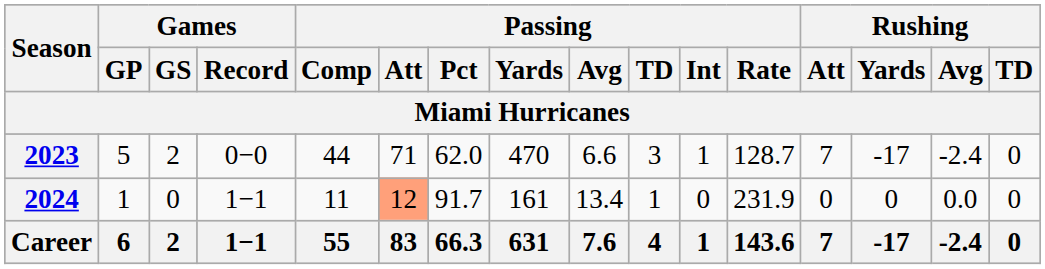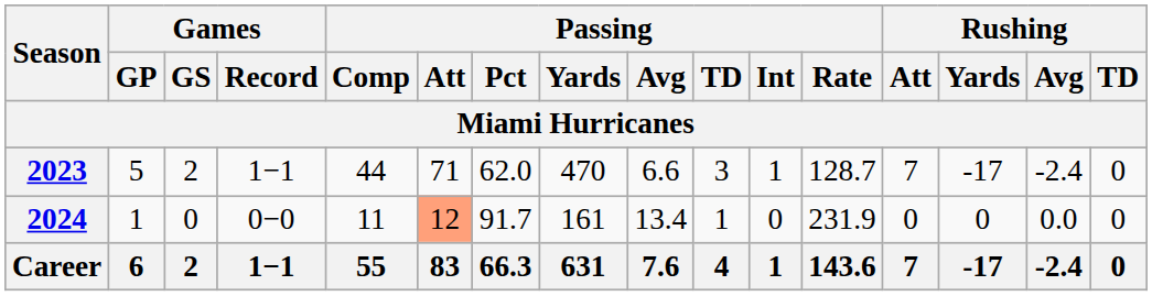 <table class="wikitable" style="text-align:center;">
 <tr>
 <th rowspan="2">Season</th>
 <th colspan="3">Games</th>
 <th colspan="8">Passing</th>
 <th colspan="5">Rushing</th>
 </tr>
 <tr>
 <th>GP</th>
 <th>GS</th>
 <th>Record</th>
 <th>Comp</th>
 <th>Att</th>
 <th>Pct</th>
 <th>Yards</th>
 <th>Avg</th>
 <th>TD</th>
 <th>Int</th>
 <th>Rate</th>
 <th>Att</th>
 <th>Yards</th>
 <th>Avg</th>
 <th>TD</th>
 </tr>
 <tr>
 <th colspan="16">Miami Hurricanes</th>
 </tr>
 <tr>
 <th><a href='#'>2023</a></th>
 <td>5</td>
 <td>2</td>
-<td>0−0</td>
+<td>1−1</td>
 <td>44</td>
 <td>71</td>
 <td>62.0</td>
 <td>470</td>
 <td>6.6</td>
 <td>3</td>
 <td>1</td>
 <td>128.7</td>
 <td>7</td>
 <td>-17</td>
 <td>-2.4</td>
 <td>0</td>
 </tr>
 <tr>
 <th><a href='#'>2024</a></th>
 <td>1</td>
 <td>0</td>
-<td>1−1</td>
+<td>0−0</td>
 <td>11</td>
 <td style="background: lightsalmon;">12</td>
 <td>91.7</td>
 <td>161</td>
 <td>13.4</td>
 <td>1</td>
 <td>0</td>
 <td>231.9</td>
 <td>0</td>
 <td>0</td>
 <td>0.0</td>
 <td>0</td>
 </tr>
 <tr>
 <th>Career</th>
 <th>6</th>
 <th>2</th>
 <th>1−1</th>
 <th>55</th>
 <th>83</th>
 <th>66.3</th>
 <th>631</th>
 <th>7.6</th>
 <th>4</th>
 <th>1</th>
 <th>143.6</th>
 <th>7</th>
 <th>-17</th>
 <th>-2.4</th>
 <th>0</th>
 </tr>
 </table>
